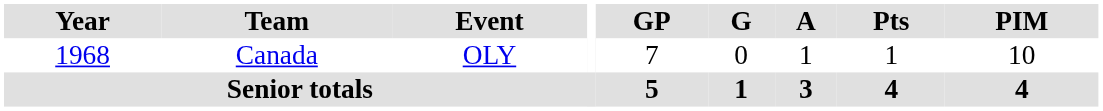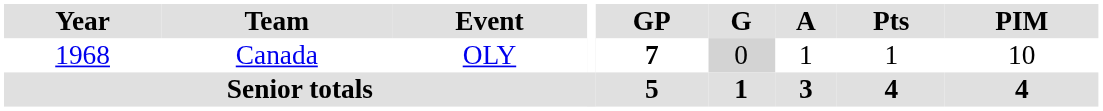 <table border="0" cellpadding="1" cellspacing="0" ID="Table3" style="text-align:center; width:40em">
 <tr bgcolor="#e0e0e0">
 <th>Year</th>
 <th>Team</th>
 <th>Event</th>
 <th rowspan="102" bgcolor="#ffffff"></th>
 <th>GP</th>
 <th>G</th>
 <th>A</th>
 <th>Pts</th>
 <th>PIM</th>
 </tr>
 <tr>
 <td><a href='#'>1968</a></td>
 <td><a href='#'>Canada</a></td>
 <td><a href='#'>OLY</a></td>
-<td>7</td>
-<td>0</td>
+<td><strong>7</strong></td>
+<td style="background: lightgrey;">0</td>
 <td>1</td>
 <td>1</td>
 <td>10</td>
 </tr>
 <tr bgcolor="#e0e0e0">
 <th colspan="4">Senior totals</th>
 <th>5</th>
 <th>1</th>
 <th>3</th>
 <th>4</th>
 <th>4</th>
 </tr>
 </table>
